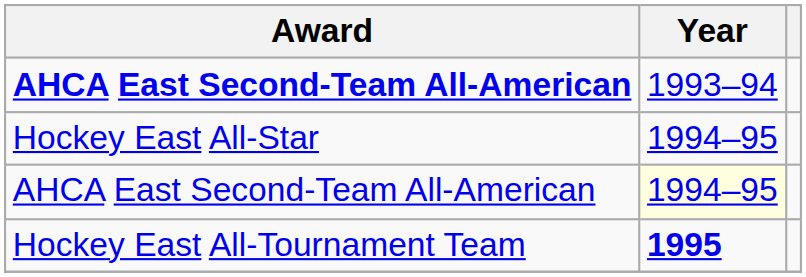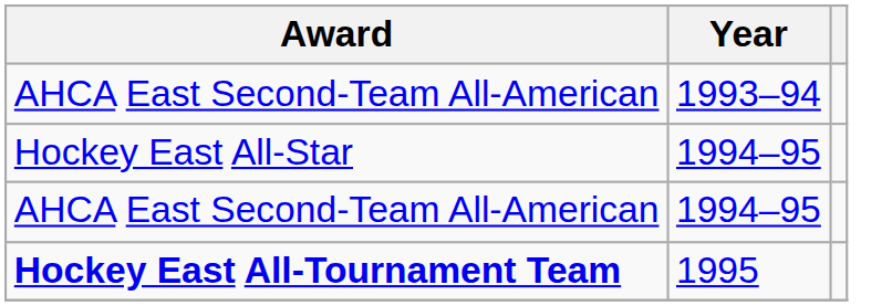 <table class="wikitable">
 <tr>
 <th>Award</th>
 <th>Year</th>
 <th></th>
 </tr>
 <tr>
-<td><strong><a href='#'>AHCA</a> <a href='#'>East Second-Team All-American</a></strong></td>
+<td><a href='#'>AHCA</a> <a href='#'>East Second-Team All-American</a></td>
 <td><a href='#'>1993–94</a></td>
 <td></td>
 </tr>
 <tr>
 <td><a href='#'>Hockey East</a> <a href='#'>All-Star</a></td>
 <td><a href='#'>1994–95</a></td>
 <td></td>
 </tr>
 <tr>
 <td><a href='#'>AHCA</a> <a href='#'>East Second-Team All-American</a></td>
-<td style="background: lightyellow;"><a href='#'>1994–95</a></td>
+<td><a href='#'>1994–95</a></td>
 <td></td>
 </tr>
 <tr>
-<td><a href='#'>Hockey East</a> <a href='#'>All-Tournament Team</a></td>
-<td><strong><a href='#'>1995</a></strong></td>
+<td><strong><a href='#'>Hockey East</a> <a href='#'>All-Tournament Team</a></strong></td>
+<td><a href='#'>1995</a></td>
 <td></td>
 </tr>
 <tr>
 </tr>
 </table>
